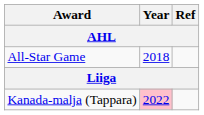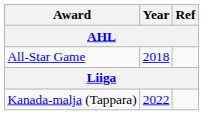 <table class="wikitable">
 <tr>
 <th>Award</th>
 <th>Year</th>
 <th>Ref</th>
 </tr>
 <tr>
 <th colspan="3"><a href='#'>AHL</a></th>
 </tr>
 <tr>
 <td><a href='#'>All-Star Game</a></td>
 <td><a href='#'>2018</a></td>
 <td></td>
 </tr>
 <tr ALIGN="center" bgcolor="#e0e0e0">
 <th colspan="3"><a href='#'>Liiga</a></th>
 </tr>
 <tr>
 <td><a href='#'>Kanada-malja</a> (Tappara)</td>
-<td style="background: pink;"><a href='#'>2022</a></td>
+<td><a href='#'>2022</a></td>
 <td></td>
 </tr>
 </table>
